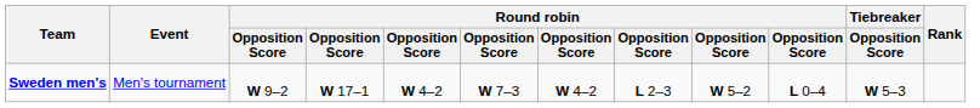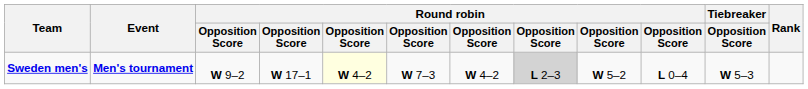 <table class="wikitable" style="font-size:90%">
 <tr>
 <th rowspan=2>Team</th>
 <th rowspan=2>Event</th>
 <th colspan=8>Round robin</th>
 <th>Tiebreaker</th>
 <th rowspan=2>Rank</th>
 </tr>
 <tr style="font-size:95%">
 <th>Opposition<br>Score</th>
 <th>Opposition<br>Score</th>
 <th>Opposition<br>Score</th>
 <th>Opposition<br>Score</th>
 <th>Opposition<br>Score</th>
 <th>Opposition<br>Score</th>
 <th>Opposition<br>Score</th>
 <th>Opposition<br>Score</th>
 <th>Opposition<br>Score</th>
 </tr>
 <tr align=center>
 <td align=left><strong><a href='#'>Sweden men's</a></strong></td>
-<td align=left><a href='#'>Men's tournament</a></td>
+<td align=left><strong><a href='#'>Men's tournament</a></strong></td>
 <td><br><strong>W</strong> 9–2</td>
 <td><br><strong>W</strong> 17–1</td>
-<td><br><strong>W</strong> 4–2</td>
+<td style="background: lightyellow;"><br><strong>W</strong> 4–2</td>
 <td><br><strong>W</strong> 7–3</td>
 <td><br><strong>W</strong> 4–2</td>
-<td><br><strong>L</strong> 2–3</td>
+<td style="background: lightgrey;"><br><strong>L</strong> 2–3</td>
 <td><br><strong>W</strong> 5–2</td>
 <td><br><strong>L</strong> 0–4</td>
 <td><br><strong>W</strong> 5–3</td>
 <td></td>
 </tr>
 </table>
